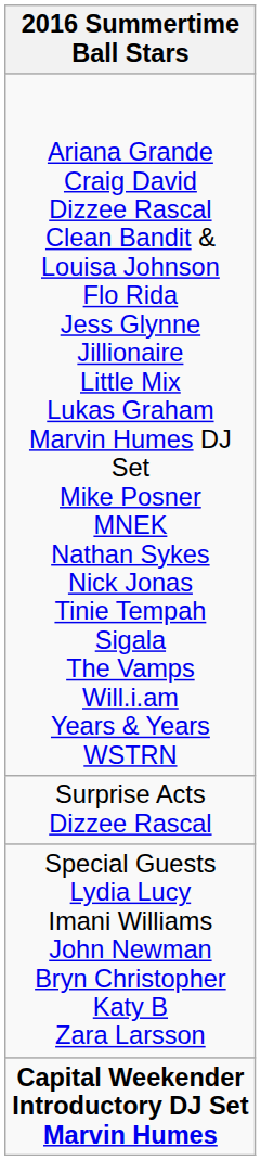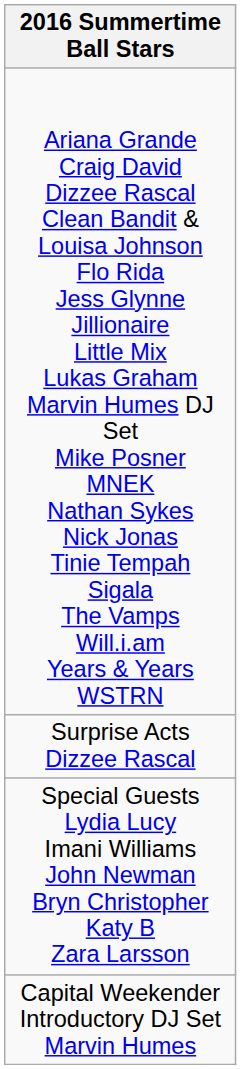 <table class="wikitable">
 <tr>
 <th>2016 Summertime Ball Stars</th>
 </tr>
 <tr>
 <td style="text-align:center; vertical-align:top; width:150px;"><br><br><a href='#'>Ariana Grande</a> <br><a href='#'>Craig David</a> <br><a href='#'>Dizzee Rascal</a> <br><a href='#'>Clean Bandit</a> & <a href='#'>Louisa Johnson</a> <br><a href='#'>Flo Rida</a> <br><a href='#'>Jess Glynne</a> <br><a href='#'>Jillionaire</a> <br><a href='#'>Little Mix</a> <br><a href='#'>Lukas Graham</a> <br><a href='#'>Marvin Humes</a> DJ Set <br><a href='#'>Mike Posner</a> <br><a href='#'>MNEK</a> <br><a href='#'>Nathan Sykes</a> <br><a href='#'>Nick Jonas</a> <br><a href='#'>Tinie Tempah</a> <br><a href='#'>Sigala</a> <br><a href='#'>The Vamps</a> <br><a href='#'>Will.i.am</a> <br><a href='#'>Years & Years</a> <br><a href='#'>WSTRN</a></td>
 </tr>
 <tr>
 <td style="text-align:center; vertical-align:top; width:150px;">Surprise Acts<br><a href='#'>Dizzee Rascal</a></td>
 </tr>
 <tr>
 <td style="text-align:center; vertical-align:top; width:150px;">Special Guests<br><a href='#'>Lydia Lucy</a> <br>Imani Williams <br><a href='#'>John Newman</a> <br><a href='#'>Bryn Christopher</a> <br><a href='#'>Katy B</a> <br><a href='#'>Zara Larsson</a></td>
 </tr>
 <tr>
-<td style="text-align:center; vertical-align:top; width:150px;"><strong>Capital Weekender Introductory DJ Set<br><a href='#'>Marvin Humes</a></strong></td>
+<td style="text-align:center; vertical-align:top; width:150px;">Capital Weekender Introductory DJ Set<br><a href='#'>Marvin Humes</a></td>
 </tr>
 <tr>
 </tr>
 </table>
